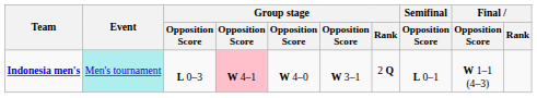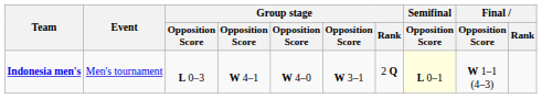 <table class="wikitable" style="font-size:90%">
 <tr>
 <th rowspan=2>Team</th>
 <th rowspan=2>Event</th>
 <th colspan=5>Group stage</th>
 <th>Semifinal</th>
 <th colspan=2>Final / </th>
 </tr>
 <tr style="font-size:95%">
 <th>Opposition<br>Score</th>
 <th>Opposition<br>Score</th>
 <th>Opposition<br>Score</th>
 <th>Opposition<br>Score</th>
 <th>Rank</th>
 <th>Opposition<br>Score</th>
 <th>Opposition<br>Score</th>
 <th>Rank</th>
 </tr>
 <tr align=center>
 <td align=left><strong><a href='#'>Indonesia men's</a></strong></td>
-<td align=left style="background: paleturquoise;"><a href='#'>Men's tournament</a></td>
+<td align=left><a href='#'>Men's tournament</a></td>
 <td><br><strong>L</strong> 0–3</td>
-<td style="background: pink;"><br><strong>W</strong> 4–1</td>
+<td><br><strong>W</strong> 4–1</td>
 <td><br><strong>W</strong> 4–0</td>
 <td><br><strong>W</strong> 3–1</td>
 <td>2 <strong>Q</strong></td>
-<td><br><strong>L</strong> 0–1 </td>
+<td style="background: lightyellow;"><br><strong>L</strong> 0–1 </td>
 <td><br><strong>W</strong> 1–1<br>(4–3) </td>
 <td></td>
 </tr>
 </table>
